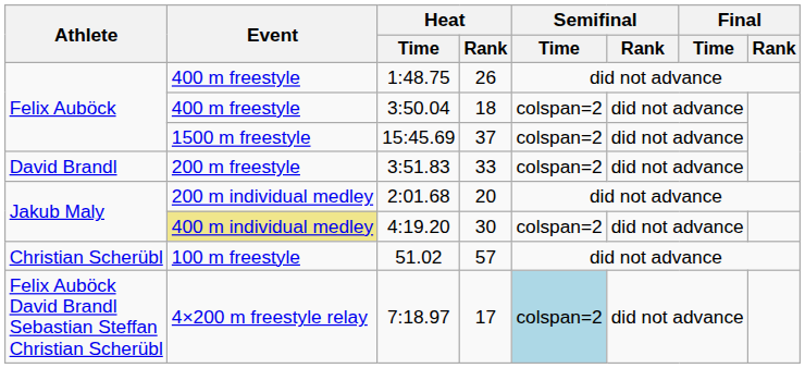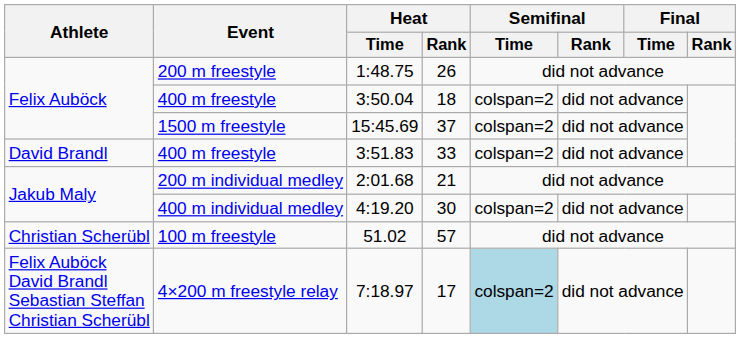 <table class=wikitable style="font-size:90%">
 <tr>
 <th rowspan="2">Athlete</th>
 <th rowspan="2">Event</th>
 <th colspan="2">Heat</th>
 <th colspan="2">Semifinal</th>
 <th colspan="2">Final</th>
 </tr>
 <tr style="font-size:95%">
 <th>Time</th>
 <th>Rank</th>
 <th>Time</th>
 <th>Rank</th>
 <th>Time</th>
 <th>Rank</th>
 </tr>
 <tr align=center>
 <td align=left rowspan=3><a href='#'>Felix Auböck</a></td>
-<td align=left><a href='#'>400 m freestyle</a></td>
+<td align=left><a href='#'>200 m freestyle</a></td>
 <td>1:48.75</td>
 <td>26</td>
 <td colspan=4>did not advance</td>
 </tr>
 <tr align=center>
 <td align=left><a href='#'>400 m freestyle</a></td>
 <td>3:50.04</td>
 <td>18</td>
 <td>colspan=2 </td>
 <td colspan=2>did not advance</td>
 </tr>
 <tr align=center>
 <td align=left><a href='#'>1500 m freestyle</a></td>
 <td>15:45.69</td>
 <td>37</td>
 <td>colspan=2 </td>
 <td colspan=2>did not advance</td>
 </tr>
 <tr align=center>
 <td align=left><a href='#'>David Brandl</a></td>
-<td align=left><a href='#'>200 m freestyle</a></td>
+<td align=left><a href='#'>400 m freestyle</a></td>
 <td>3:51.83</td>
 <td>33</td>
 <td>colspan=2 </td>
 <td colspan=2>did not advance</td>
 </tr>
 <tr align=center>
 <td align=left rowspan=2><a href='#'>Jakub Maly</a></td>
 <td align=left><a href='#'>200 m individual medley</a></td>
 <td>2:01.68</td>
-<td>20</td>
+<td>21</td>
 <td colspan=4>did not advance</td>
 </tr>
 <tr align=center>
-<td align=left style="background: khaki;"><a href='#'>400 m individual medley</a></td>
+<td align=left><a href='#'>400 m individual medley</a></td>
 <td>4:19.20</td>
 <td>30</td>
 <td>colspan=2 </td>
 <td colspan=2>did not advance</td>
 </tr>
 <tr align=center>
 <td align=left><a href='#'>Christian Scherübl</a></td>
 <td align=left><a href='#'>100 m freestyle</a></td>
 <td>51.02</td>
 <td>57</td>
 <td colspan=4>did not advance</td>
 </tr>
 <tr align=center>
 <td align=left><a href='#'>Felix Auböck</a><br><a href='#'>David Brandl</a><br><a href='#'>Sebastian Steffan</a><br><a href='#'>Christian Scherübl</a></td>
 <td align=left><a href='#'>4×200 m freestyle relay</a></td>
 <td>7:18.97</td>
 <td>17</td>
 <td style="background: lightblue;">colspan=2 </td>
 <td colspan=2>did not advance</td>
 </tr>
 </table>
